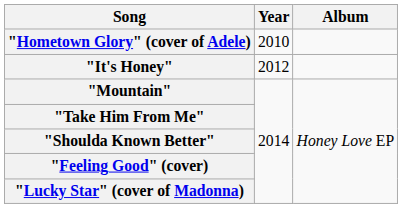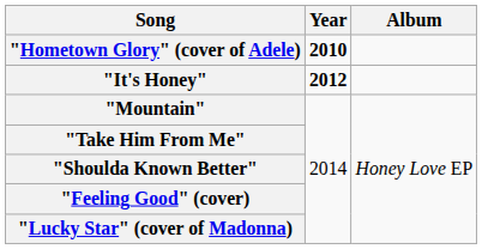 <table class="wikitable plainrowheaders" style="text-align:center;" border="1">
 <tr>
 <th>Song</th>
 <th>Year</th>
 <th>Album</th>
 </tr>
 <tr>
 <th scope="row">"<a href='#'>Hometown Glory</a>" (cover of <a href='#'>Adele</a>)</th>
-<td>2010</td>
+<td><strong>2010</strong></td>
 <td></td>
 </tr>
 <tr>
 <th scope="row">"It's Honey"</th>
-<td>2012</td>
+<td><strong>2012</strong></td>
 <td></td>
 </tr>
 <tr>
 <th scope="row">"Mountain"</th>
 <td rowspan=5>2014</td>
 <td rowspan=5><em>Honey Love</em> EP</td>
 </tr>
 <tr>
 <th scope="row">"Take Him From Me"</th>
 </tr>
 <tr>
 <th scope="row">"Shoulda Known Better"</th>
 </tr>
 <tr>
 <th scope="row">"<a href='#'>Feeling Good</a>" (cover)</th>
 </tr>
 <tr>
 <th scope="row">"<a href='#'>Lucky Star</a>" (cover of <a href='#'>Madonna</a>)</th>
 </tr>
 </table>
